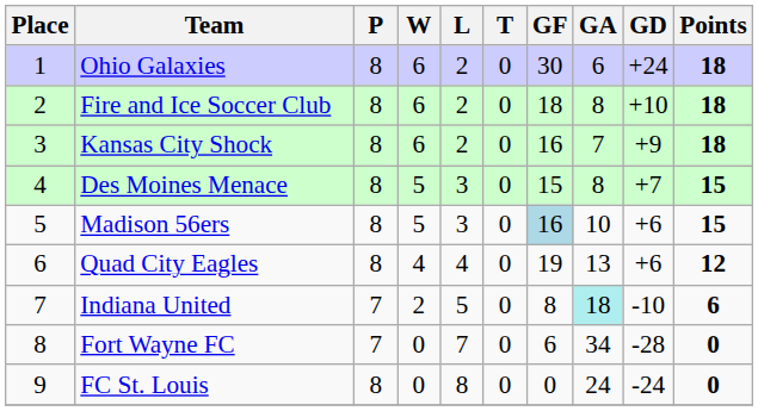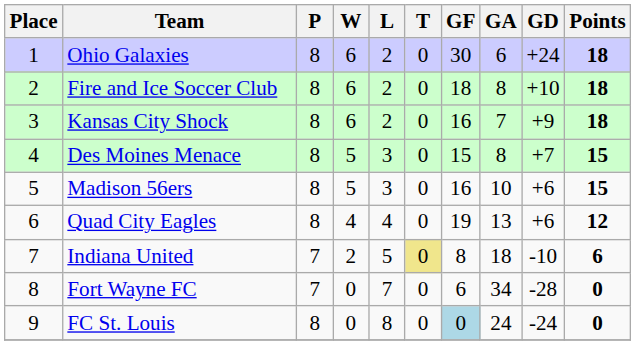 <table class="wikitable" style="text-align:center;">
 <tr>
 <th>Place</th>
 <th width="170">Team</th>
 <th width="20">P</th>
 <th width="20">W</th>
 <th width="20">L</th>
 <th width="20">T</th>
 <th width="20">GF</th>
 <th width="20">GA</th>
 <th width="25">GD</th>
 <th>Points</th>
 </tr>
 <tr bgcolor=#ccccff>
 <td>1</td>
 <td style="text-align:left;"><a href='#'>Ohio Galaxies</a></td>
 <td>8</td>
 <td>6</td>
 <td>2</td>
 <td>0</td>
 <td>30</td>
 <td>6</td>
 <td>+24</td>
 <td><strong>18</strong></td>
 </tr>
 <tr bgcolor=#ccffcc>
 <td>2</td>
 <td style="text-align:left;"><a href='#'>Fire and Ice Soccer Club</a></td>
 <td>8</td>
 <td>6</td>
 <td>2</td>
 <td>0</td>
 <td>18</td>
 <td>8</td>
 <td>+10</td>
 <td><strong>18</strong></td>
 </tr>
 <tr bgcolor=#ccffcc>
 <td>3</td>
 <td style="text-align:left;"><a href='#'>Kansas City Shock</a></td>
 <td>8</td>
 <td>6</td>
 <td>2</td>
 <td>0</td>
 <td>16</td>
 <td>7</td>
 <td>+9</td>
 <td><strong>18</strong></td>
 </tr>
 <tr bgcolor=#ccffcc>
 <td>4</td>
 <td style="text-align:left;"><a href='#'>Des Moines Menace</a></td>
 <td>8</td>
 <td>5</td>
 <td>3</td>
 <td>0</td>
 <td>15</td>
 <td>8</td>
 <td>+7</td>
 <td><strong>15</strong></td>
 </tr>
 <tr>
 <td>5</td>
 <td style="text-align:left;"><a href='#'>Madison 56ers</a></td>
 <td>8</td>
 <td>5</td>
 <td>3</td>
 <td>0</td>
-<td style="background: lightblue;">16</td>
+<td>16</td>
 <td>10</td>
 <td>+6</td>
 <td><strong>15</strong></td>
 </tr>
 <tr>
 <td>6</td>
 <td style="text-align:left;"><a href='#'>Quad City Eagles</a></td>
 <td>8</td>
 <td>4</td>
 <td>4</td>
 <td>0</td>
 <td>19</td>
 <td>13</td>
 <td>+6</td>
 <td><strong>12</strong></td>
 </tr>
 <tr>
 <td>7</td>
 <td style="text-align:left;"><a href='#'>Indiana United</a></td>
 <td>7</td>
 <td>2</td>
 <td>5</td>
-<td>0</td>
+<td style="background: khaki;">0</td>
 <td>8</td>
-<td style="background: paleturquoise;">18</td>
+<td>18</td>
 <td>-10</td>
 <td><strong>6</strong></td>
 </tr>
 <tr>
 <td>8</td>
 <td style="text-align:left;"><a href='#'>Fort Wayne FC</a></td>
 <td>7</td>
 <td>0</td>
 <td>7</td>
 <td>0</td>
 <td>6</td>
 <td>34</td>
 <td>-28</td>
 <td><strong>0</strong></td>
 </tr>
 <tr>
 <td>9</td>
 <td style="text-align:left;"><a href='#'>FC St. Louis</a></td>
 <td>8</td>
 <td>0</td>
 <td>8</td>
 <td>0</td>
-<td>0</td>
+<td style="background: lightblue;">0</td>
 <td>24</td>
 <td>-24</td>
 <td><strong>0</strong></td>
 </tr>
 <tr>
 </tr>
 </table>
